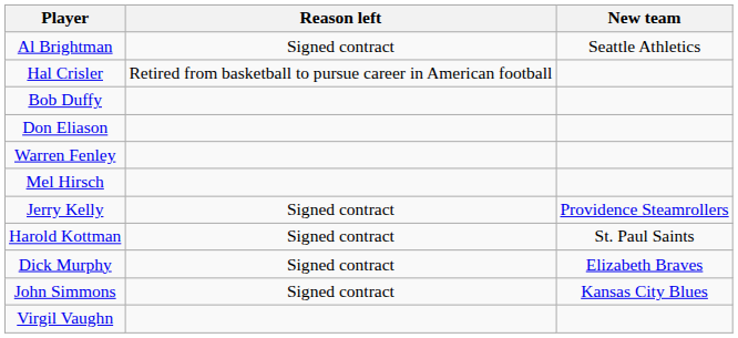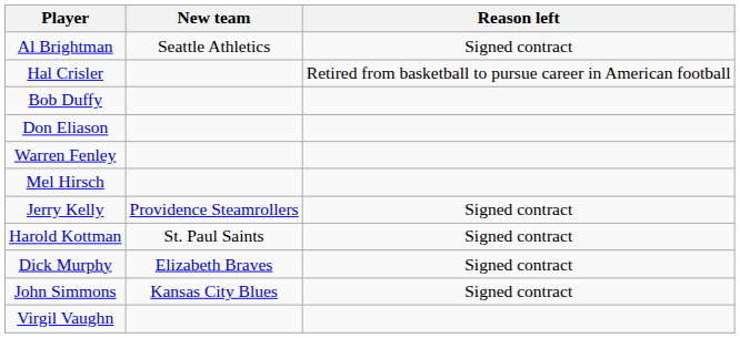 <table class="wikitable sortable sortable" style="text-align: center">
 <tr>
 <th>Player</th>
+<th>New team</th>
 <th>Reason left</th>
-<th>New team</th>
 </tr>
 <tr style="text-align: center">
 <td><a href='#'>Al Brightman</a></td>
+<td>Seattle Athletics</td>
 <td>Signed contract</td>
-<td>Seattle Athletics</td>
 </tr>
 <tr style="text-align: center">
 <td><a href='#'>Hal Crisler</a></td>
+<td></td>
 <td>Retired from basketball to pursue career in American football</td>
-<td></td>
 </tr>
 <tr style="text-align: center">
 <td><a href='#'>Bob Duffy</a></td>
 <td></td>
 <td></td>
 </tr>
 <tr style="text-align: center">
 <td><a href='#'>Don Eliason</a></td>
 <td></td>
 <td></td>
 </tr>
 <tr style="text-align: center">
 <td><a href='#'>Warren Fenley</a></td>
 <td></td>
 <td></td>
 </tr>
 <tr style="text-align: center">
 <td><a href='#'>Mel Hirsch</a></td>
 <td></td>
 <td></td>
 </tr>
 <tr style="text-align: center">
 <td><a href='#'>Jerry Kelly</a></td>
+<td><a href='#'>Providence Steamrollers</a></td>
 <td>Signed contract</td>
-<td><a href='#'>Providence Steamrollers</a></td>
 </tr>
 <tr style="text-align: center">
 <td><a href='#'>Harold Kottman</a></td>
+<td>St. Paul Saints</td>
 <td>Signed contract</td>
-<td>St. Paul Saints</td>
 </tr>
 <tr style="text-align: center">
 <td><a href='#'>Dick Murphy</a></td>
+<td><a href='#'>Elizabeth Braves</a></td>
 <td>Signed contract</td>
-<td><a href='#'>Elizabeth Braves</a></td>
 </tr>
 <tr style="text-align: center">
 <td><a href='#'>John Simmons</a></td>
+<td><a href='#'>Kansas City Blues</a></td>
 <td>Signed contract</td>
-<td><a href='#'>Kansas City Blues</a></td>
 </tr>
 <tr style="text-align: center">
 <td><a href='#'>Virgil Vaughn</a></td>
 <td></td>
 <td></td>
 </tr>
 </table>
